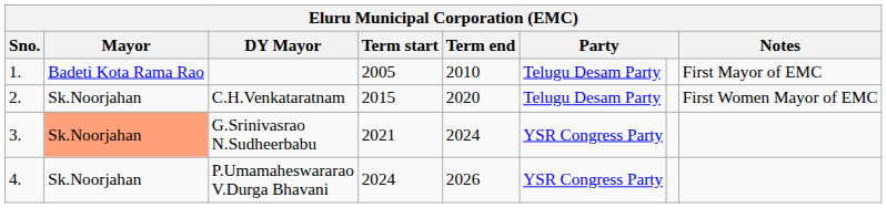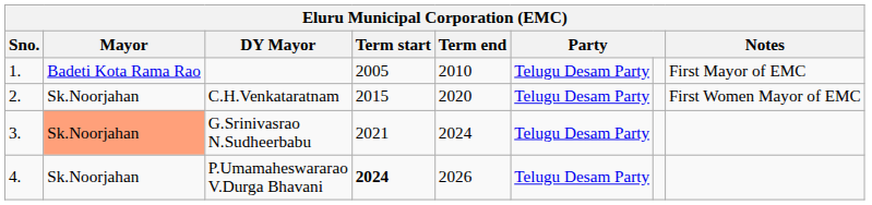 <table class="wikitable sortable">
 <tr>
 <th colspan="8">Eluru Municipal Corporation (EMC)</th>
 </tr>
 <tr>
 <th>Sno.</th>
 <th>Mayor</th>
 <th>DY Mayor</th>
 <th>Term start</th>
 <th>Term end</th>
 <th colspan=2>Party</th>
 <th>Notes</th>
 </tr>
 <tr>
 <td>1.</td>
 <td><a href='#'>Badeti Kota Rama Rao</a></td>
 <td></td>
 <td>2005</td>
 <td>2010</td>
 <td rowspan="1"><a href='#'>Telugu Desam Party</a></td>
 <td rowspan="1" width="4px" style="background-color: "></td>
 <td>First Mayor of EMC</td>
 </tr>
 <tr>
 <td>2.</td>
 <td>Sk.Noorjahan</td>
 <td>C.H.Venkataratnam</td>
 <td>2015</td>
 <td>2020</td>
 <td rowspan="1"><a href='#'>Telugu Desam Party</a></td>
 <td rowspan="1" width="4px" style="background-color: "></td>
 <td>First Women Mayor of EMC</td>
 </tr>
 <tr>
 <td>3.</td>
 <td style="background: lightsalmon;">Sk.Noorjahan</td>
 <td>G.Srinivasrao<br>N.Sudheerbabu</td>
 <td>2021</td>
 <td>2024</td>
-<td rowspan="1"><a href='#'>YSR Congress Party</a></td>
+<td rowspan="1"><a href='#'>Telugu Desam Party</a></td>
 <td rowspan="1" width="4px" style="background-color: "></td>
 <td></td>
 </tr>
 <tr>
 <td>4.</td>
 <td>Sk.Noorjahan</td>
 <td>P.Umamaheswararao<br>V.Durga Bhavani</td>
-<td>2024</td>
+<td><strong>2024</strong></td>
 <td>2026</td>
-<td rowspan="1"><a href='#'>YSR Congress Party</a></td>
+<td rowspan="1"><a href='#'>Telugu Desam Party</a></td>
 <td rowspan="1" width="4px" style="background-color: "></td>
 <td></td>
 </tr>
 </table>
